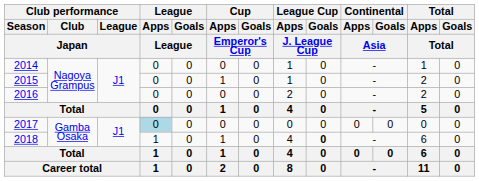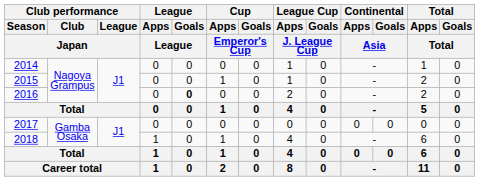 <table class="wikitable" style="text-align:center; line-height:90%; font-size:95%; width:70%;">
 <tr>
 <th colspan=3>Club performance</th>
 <th colspan=2>League</th>
 <th colspan=2>Cup</th>
 <th colspan=2>League Cup</th>
 <th colspan=2>Continental</th>
 <th colspan=2>Total</th>
 </tr>
 <tr>
 <th>Season</th>
 <th>Club</th>
 <th>League</th>
 <th>Apps</th>
 <th>Goals</th>
 <th>Apps</th>
 <th>Goals</th>
 <th>Apps</th>
 <th>Goals</th>
 <th>Apps</th>
 <th>Goals</th>
 <th>Apps</th>
 <th>Goals</th>
 </tr>
 <tr>
 <th colspan=3>Japan</th>
 <th colspan=2>League</th>
 <th colspan=2><a href='#'>Emperor's Cup</a></th>
 <th colspan=2><a href='#'>J. League Cup</a></th>
 <th colspan=2><a href='#'>Asia</a></th>
 <th colspan=2>Total</th>
 </tr>
 <tr>
 <td><a href='#'>2014</a></td>
 <td rowspan="3"><a href='#'>Nagoya Grampus</a></td>
 <td rowspan="3"><a href='#'>J1</a></td>
 <td>0</td>
 <td>0</td>
 <td>0</td>
 <td>0</td>
 <td>1</td>
 <td>0</td>
 <td colspan="2">-</td>
 <td>1</td>
 <td>0</td>
 </tr>
 <tr>
 <td><a href='#'>2015</a></td>
 <td>0</td>
 <td>0</td>
 <td>1</td>
 <td>0</td>
 <td>1</td>
 <td>0</td>
 <td colspan="2">-</td>
 <td>2</td>
 <td>0</td>
 </tr>
 <tr>
 <td><a href='#'>2016</a></td>
 <td>0</td>
-<td>0</td>
+<td><strong>0</strong></td>
 <td>0</td>
 <td>0</td>
 <td>2</td>
 <td>0</td>
 <td colspan="2">-</td>
 <td>2</td>
 <td>0</td>
 </tr>
 <tr>
 <th colspan="3">Total</th>
 <th>0</th>
 <th>0</th>
 <th>1</th>
 <th>0</th>
 <th>4</th>
 <th>0</th>
 <th colspan="2">-</th>
 <th>5</th>
 <th>0</th>
 </tr>
 <tr>
 <td><a href='#'>2017</a></td>
 <td rowspan="2"><a href='#'>Gamba Osaka</a></td>
 <td rowspan="2"><a href='#'>J1</a></td>
-<td style="background: lightblue;">0</td>
+<td>0</td>
 <td>0</td>
 <td>0</td>
 <td>0</td>
 <td>0</td>
 <td>0</td>
 <td>0</td>
 <td>0</td>
 <td>0</td>
 <td>0</td>
 </tr>
 <tr>
 <td><a href='#'>2018</a></td>
 <td>1</td>
 <td>0</td>
 <td>1</td>
 <td>0</td>
 <td>4</td>
-<td><strong>0</strong></td>
+<td>0</td>
 <td colspan="2">-</td>
 <td>6</td>
 <td>0</td>
 </tr>
 <tr>
 <th colspan="3">Total</th>
 <th>1</th>
 <th>0</th>
 <th>1</th>
 <th>0</th>
 <th>4</th>
 <th>0</th>
 <th>0</th>
 <th>0</th>
 <th>6</th>
 <th>0</th>
 </tr>
 <tr>
 <th colspan="3">Career total</th>
 <th>1</th>
 <th>0</th>
 <th>2</th>
 <th>0</th>
 <th>8</th>
 <th>0</th>
 <th colspan="2">-</th>
 <th>11</th>
 <th>0</th>
 </tr>
 </table>
